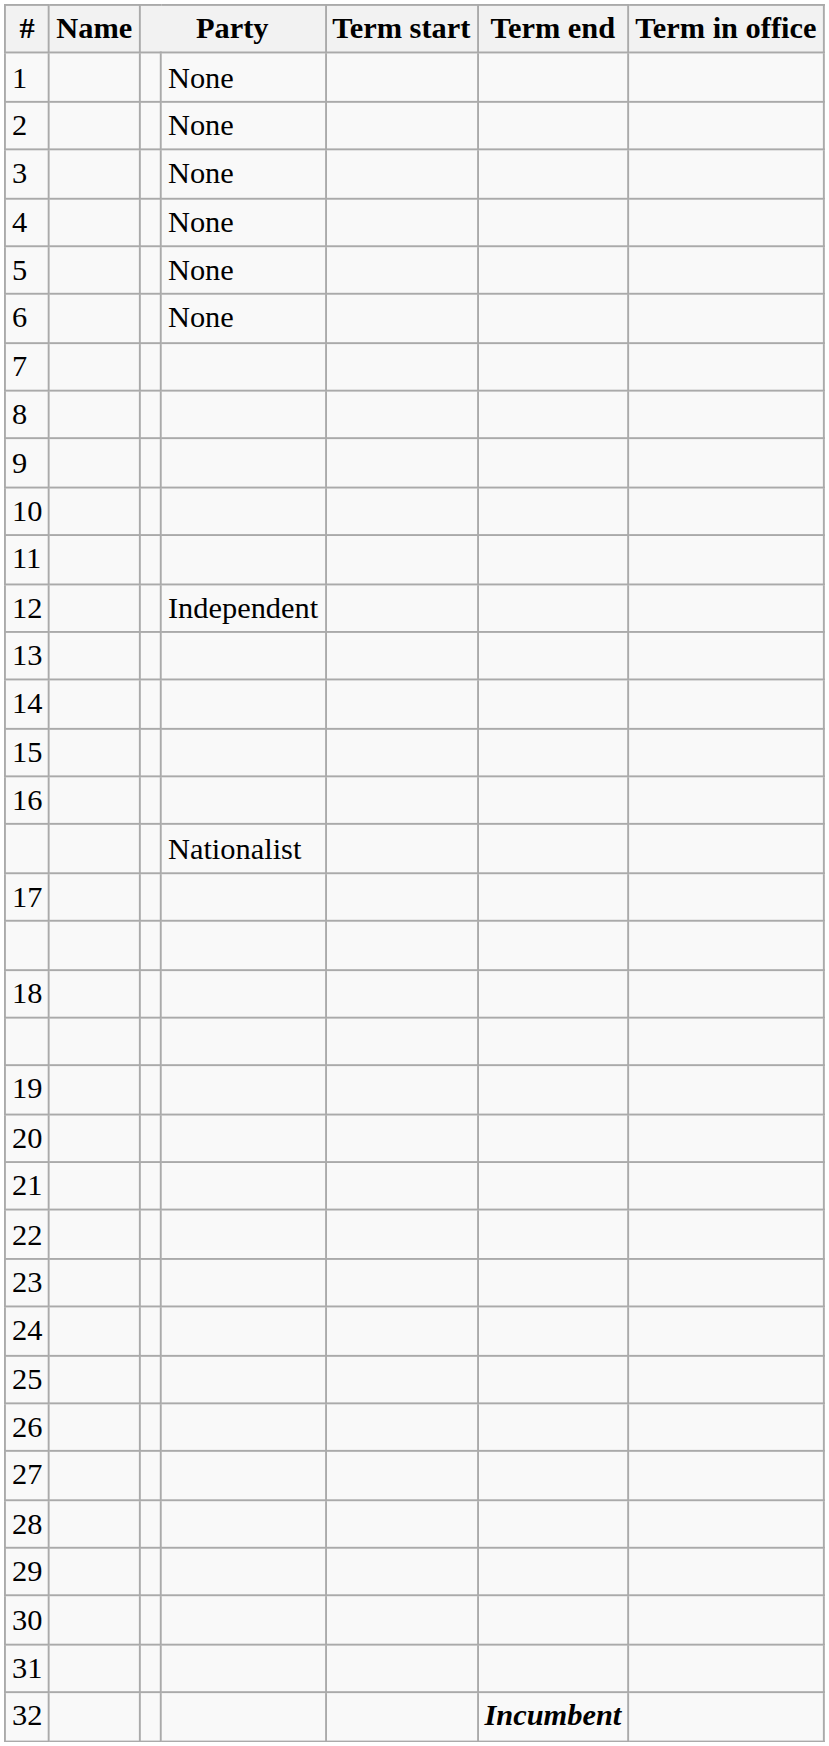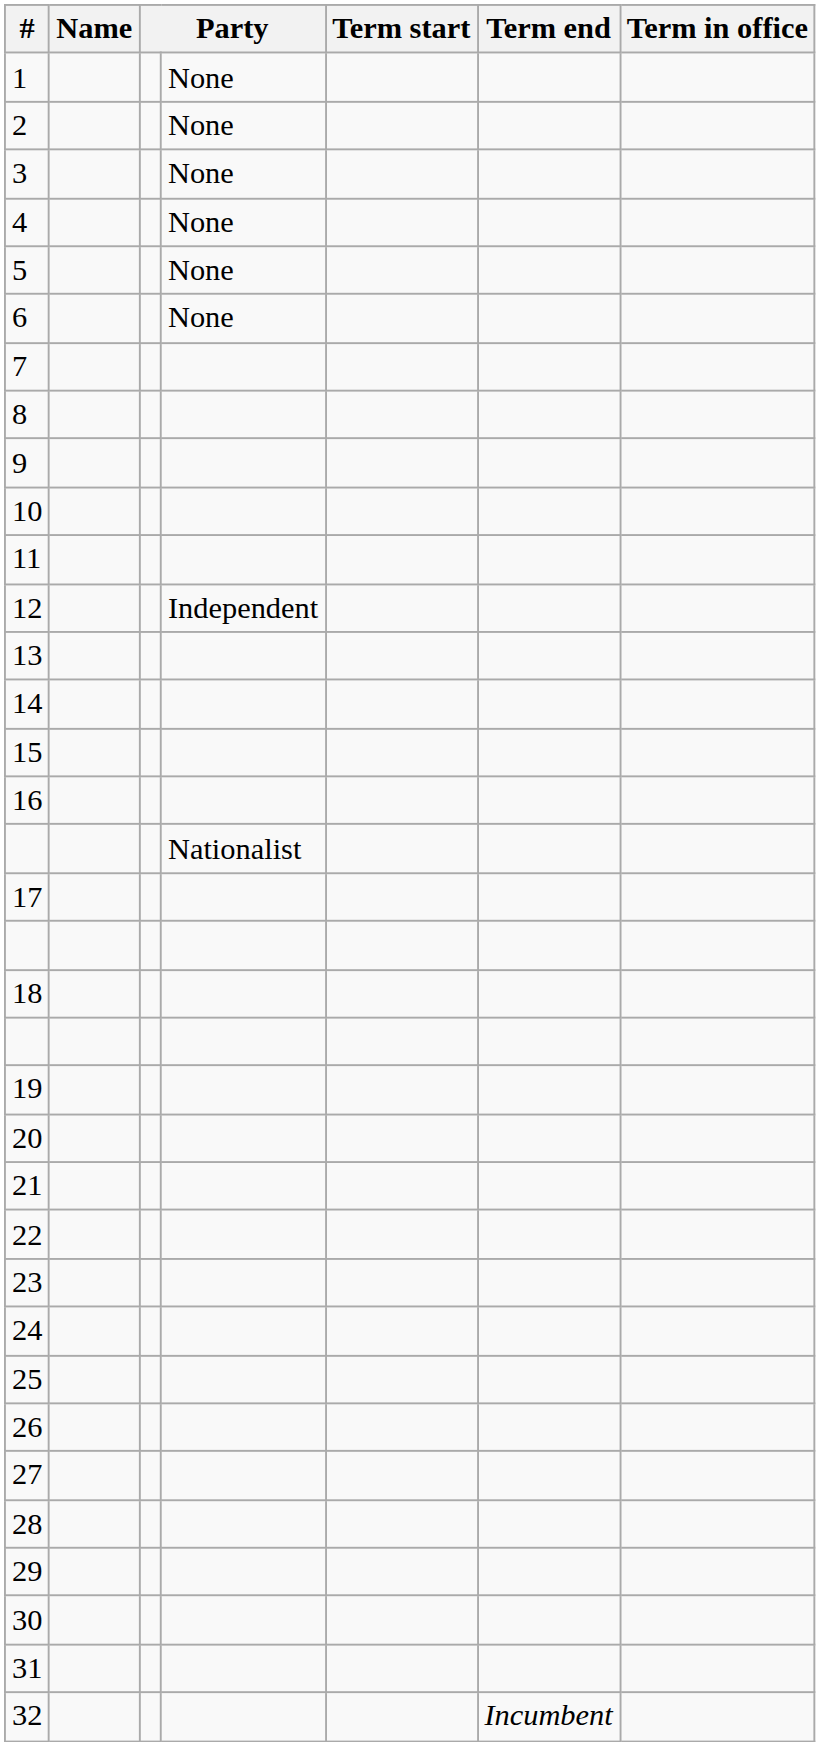 <table class="wikitable sortable">
 <tr>
 <th>#</th>
 <th>Name</th>
 <th colspan=2>Party</th>
 <th>Term start</th>
 <th>Term end</th>
 <th>Term in office</th>
 </tr>
 <tr>
 <td>1</td>
 <td></td>
 <td> </td>
 <td>None</td>
 <td></td>
 <td></td>
 <td></td>
 </tr>
 <tr>
 <td>2</td>
 <td></td>
 <td> </td>
 <td>None</td>
 <td></td>
 <td></td>
 <td></td>
 </tr>
 <tr>
 <td>3</td>
 <td></td>
 <td> </td>
 <td>None</td>
 <td></td>
 <td></td>
 <td></td>
 </tr>
 <tr>
 <td>4</td>
 <td></td>
 <td> </td>
 <td>None</td>
 <td></td>
 <td></td>
 <td></td>
 </tr>
 <tr>
 <td>5</td>
 <td></td>
 <td> </td>
 <td>None</td>
 <td></td>
 <td></td>
 <td></td>
 </tr>
 <tr>
 <td>6</td>
 <td></td>
 <td> </td>
 <td>None</td>
 <td></td>
 <td></td>
 <td></td>
 </tr>
 <tr>
 <td>7</td>
 <td></td>
 <td> </td>
 <td></td>
 <td></td>
 <td></td>
 <td></td>
 </tr>
 <tr>
 <td>8</td>
 <td></td>
 <td> </td>
 <td></td>
 <td></td>
 <td></td>
 <td></td>
 </tr>
 <tr>
 <td>9</td>
 <td></td>
 <td> </td>
 <td></td>
 <td></td>
 <td></td>
 <td></td>
 </tr>
 <tr>
 <td>10</td>
 <td></td>
 <td> </td>
 <td></td>
 <td></td>
 <td></td>
 <td></td>
 </tr>
 <tr>
 <td>11</td>
 <td></td>
 <td> </td>
 <td></td>
 <td></td>
 <td></td>
 <td></td>
 </tr>
 <tr>
 <td>12</td>
 <td></td>
 <td> </td>
 <td>Independent</td>
 <td></td>
 <td></td>
 <td></td>
 </tr>
 <tr>
 <td>13</td>
 <td></td>
 <td> </td>
 <td></td>
 <td></td>
 <td></td>
 <td></td>
 </tr>
 <tr>
 <td>14</td>
 <td></td>
 <td> </td>
 <td></td>
 <td></td>
 <td></td>
 <td></td>
 </tr>
 <tr>
 <td>15</td>
 <td></td>
 <td> </td>
 <td></td>
 <td></td>
 <td></td>
 <td></td>
 </tr>
 <tr>
 <td>16</td>
 <td></td>
 <td> </td>
 <td></td>
 <td></td>
 <td></td>
 <td></td>
 </tr>
 <tr>
 <td></td>
 <td></td>
 <td> </td>
 <td>Nationalist</td>
 <td></td>
 <td></td>
 <td></td>
 </tr>
 <tr>
 <td>17</td>
 <td></td>
 <td> </td>
 <td></td>
 <td></td>
 <td></td>
 <td></td>
 </tr>
 <tr>
 <td></td>
 <td></td>
 <td> </td>
 <td></td>
 <td></td>
 <td></td>
 <td></td>
 </tr>
 <tr>
 <td>18</td>
 <td></td>
 <td> </td>
 <td></td>
 <td></td>
 <td></td>
 <td></td>
 </tr>
 <tr>
 <td></td>
 <td></td>
 <td> </td>
 <td></td>
 <td></td>
 <td></td>
 <td></td>
 </tr>
 <tr>
 <td>19</td>
 <td></td>
 <td> </td>
 <td></td>
 <td></td>
 <td></td>
 <td></td>
 </tr>
 <tr>
 <td>20</td>
 <td></td>
 <td> </td>
 <td></td>
 <td></td>
 <td></td>
 <td></td>
 </tr>
 <tr>
 <td>21</td>
 <td></td>
 <td> </td>
 <td></td>
 <td></td>
 <td></td>
 <td></td>
 </tr>
 <tr>
 <td>22</td>
 <td></td>
 <td> </td>
 <td></td>
 <td></td>
 <td></td>
 <td></td>
 </tr>
 <tr>
 <td>23</td>
 <td></td>
 <td> </td>
 <td></td>
 <td></td>
 <td></td>
 <td></td>
 </tr>
 <tr>
 <td>24</td>
 <td></td>
 <td> </td>
 <td></td>
 <td></td>
 <td></td>
 <td></td>
 </tr>
 <tr>
 <td>25</td>
 <td></td>
 <td> </td>
 <td></td>
 <td></td>
 <td></td>
 <td><strong></strong></td>
 </tr>
 <tr>
 <td>26</td>
 <td></td>
 <td> </td>
 <td></td>
 <td></td>
 <td></td>
 <td></td>
 </tr>
 <tr>
 <td>27</td>
 <td></td>
 <td> </td>
 <td></td>
 <td></td>
 <td></td>
 <td></td>
 </tr>
 <tr>
 <td>28</td>
 <td></td>
 <td> </td>
 <td></td>
 <td></td>
 <td></td>
 <td></td>
 </tr>
 <tr>
 <td>29</td>
 <td></td>
 <td> </td>
 <td></td>
 <td></td>
 <td></td>
 <td></td>
 </tr>
 <tr>
 <td>30</td>
 <td></td>
 <td> </td>
 <td></td>
 <td></td>
 <td></td>
 <td></td>
 </tr>
 <tr>
 <td>31</td>
 <td></td>
 <td> </td>
 <td></td>
 <td></td>
 <td></td>
 <td></td>
 </tr>
 <tr>
 <td>32</td>
 <td></td>
 <td> </td>
 <td></td>
 <td></td>
-<td><strong><em>Incumbent</em></strong></td>
+<td><em>Incumbent</em></td>
 <td></td>
 </tr>
 </table>
